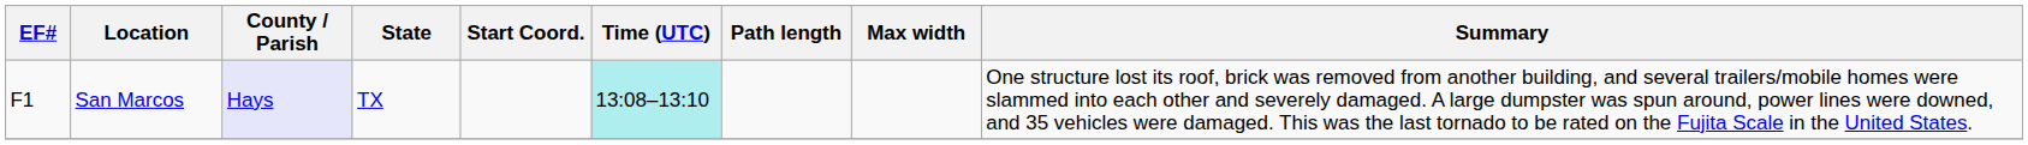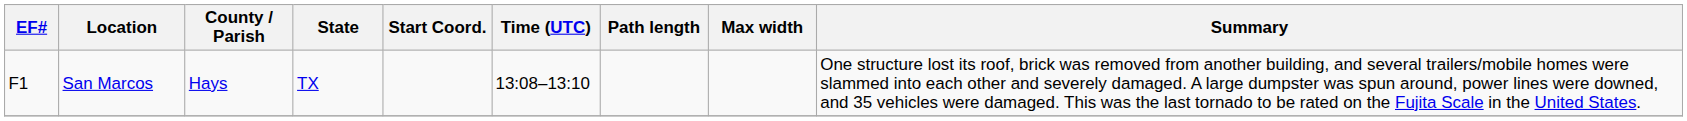 <table class="wikitable sortable" style="width:100%;">
 <tr>
 <th scope="col"  style="width:3%; text-align:center;"><a href='#'>EF#</a></th>
 <th scope="col"  style="width:7%; text-align:center;" class="unsortable">Location</th>
 <th scope="col"  style="width:6%; text-align:center;" class="unsortable">County / Parish</th>
 <th scope="col"  style="width:5%; text-align:center;">State</th>
 <th scope="col"  style="width:6%; text-align:center;">Start Coord.</th>
 <th scope="col"  style="width:6%; text-align:center;">Time (<a href='#'>UTC</a>)</th>
 <th scope="col"  style="width:6%; text-align:center;">Path length</th>
 <th scope="col"  style="width:6%; text-align:center;">Max width</th>
 <th scope="col" class="unsortable" style="width:48%; text-align:center;">Summary</th>
 </tr>
 <tr>
 <td>F1</td>
 <td><a href='#'>San Marcos</a></td>
-<td style="background: lavender;"><a href='#'>Hays</a></td>
+<td><a href='#'>Hays</a></td>
 <td><a href='#'>TX</a></td>
 <td></td>
-<td style="background: paleturquoise;">13:08–13:10</td>
+<td>13:08–13:10</td>
 <td></td>
 <td></td>
 <td>One structure lost its roof, brick was removed from another building, and several trailers/mobile homes were slammed into each other and severely damaged. A large dumpster was spun around, power lines were downed, and 35 vehicles were damaged. This was the last tornado to be rated on the <a href='#'>Fujita Scale</a> in the <a href='#'>United States</a>.</td>
 </tr>
 <tr>
 </tr>
 </table>
